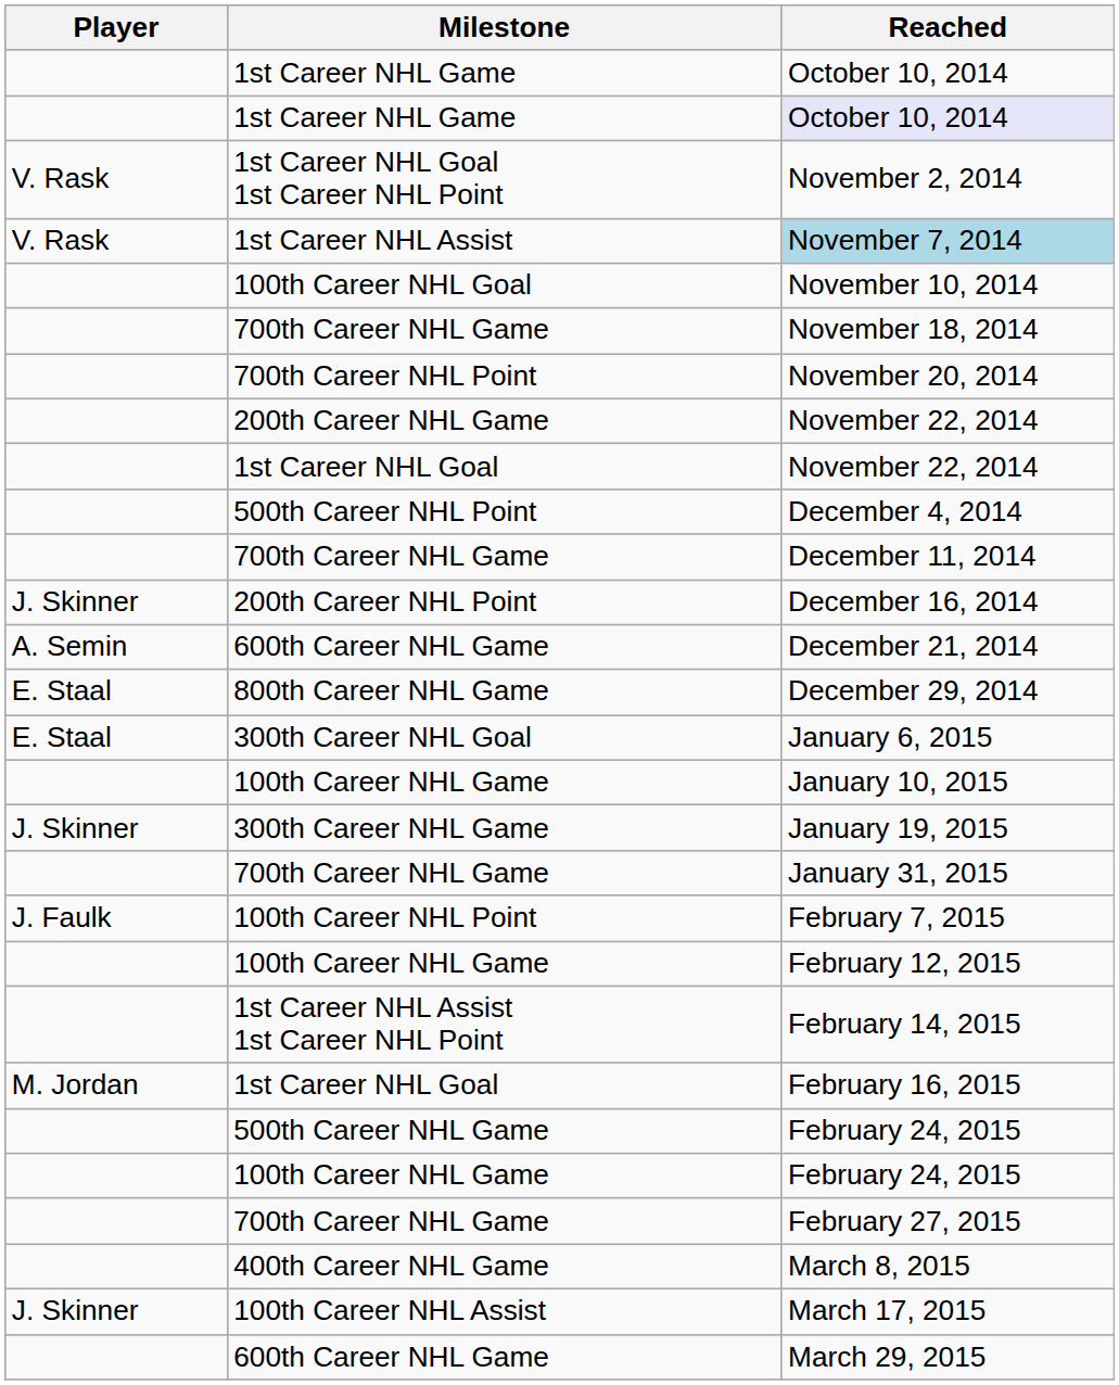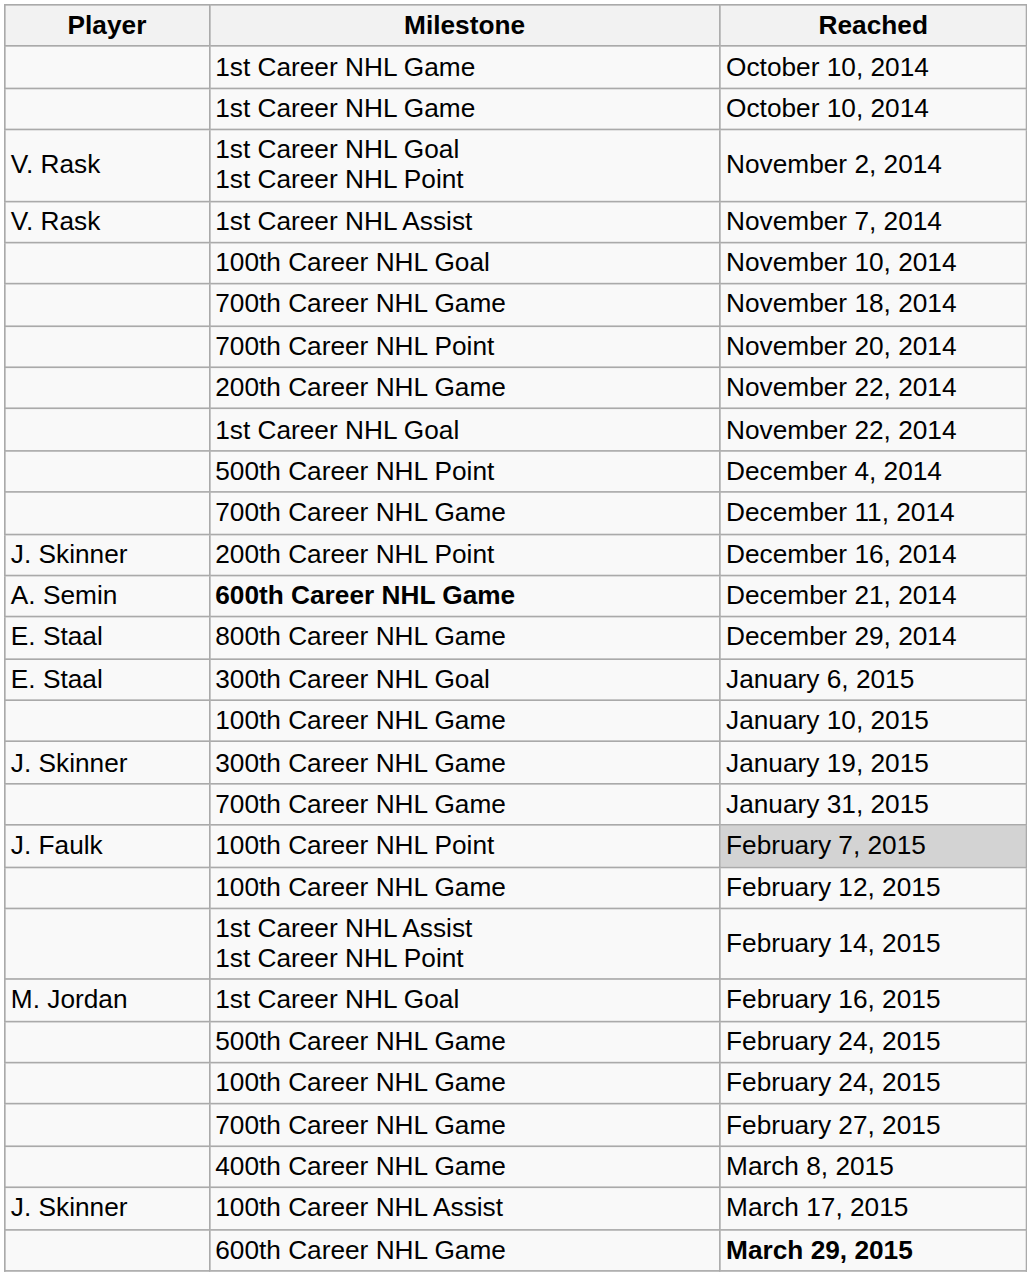 <table class="wikitable sortable" style="width:100%;">
 <tr align=center>
 <th style="width:20%;">Player</th>
 <th style="width:50%;">Milestone</th>
 <th style="width:30%;" data-sort-type="date">Reached</th>
 </tr>
 <tr>
 <td></td>
 <td>1st Career NHL Game</td>
 <td>October 10, 2014</td>
 </tr>
 <tr>
 <td></td>
 <td>1st Career NHL Game</td>
-<td style="background: lavender;">October 10, 2014</td>
+<td>October 10, 2014</td>
 </tr>
 <tr>
 <td>V. Rask</td>
 <td>1st Career NHL Goal<br>1st Career NHL Point</td>
 <td>November 2, 2014</td>
 </tr>
 <tr>
 <td>V. Rask</td>
 <td>1st Career NHL Assist</td>
-<td style="background: lightblue;">November 7, 2014</td>
+<td>November 7, 2014</td>
 </tr>
 <tr>
 <td></td>
 <td>100th Career NHL Goal</td>
 <td>November 10, 2014</td>
 </tr>
 <tr>
 <td></td>
 <td>700th Career NHL Game</td>
 <td>November 18, 2014</td>
 </tr>
 <tr>
 <td></td>
 <td>700th Career NHL Point</td>
 <td>November 20, 2014</td>
 </tr>
 <tr>
 <td></td>
 <td>200th Career NHL Game</td>
 <td>November 22, 2014</td>
 </tr>
 <tr>
 <td></td>
 <td>1st Career NHL Goal</td>
 <td>November 22, 2014</td>
 </tr>
 <tr>
 <td></td>
 <td>500th Career NHL Point</td>
 <td>December 4, 2014</td>
 </tr>
 <tr>
 <td></td>
 <td>700th Career NHL Game</td>
 <td>December 11, 2014</td>
 </tr>
 <tr>
 <td>J. Skinner</td>
 <td>200th Career NHL Point</td>
 <td>December 16, 2014</td>
 </tr>
 <tr>
 <td>A. Semin</td>
-<td>600th Career NHL Game</td>
+<td><strong>600th Career NHL Game</strong></td>
 <td>December 21, 2014</td>
 </tr>
 <tr>
 <td>E. Staal</td>
 <td>800th Career NHL Game</td>
 <td>December 29, 2014</td>
 </tr>
 <tr>
 <td>E. Staal</td>
 <td>300th Career NHL Goal</td>
 <td>January 6, 2015</td>
 </tr>
 <tr>
 <td></td>
 <td>100th Career NHL Game</td>
 <td>January 10, 2015</td>
 </tr>
 <tr>
 <td>J. Skinner</td>
 <td>300th Career NHL Game</td>
 <td>January 19, 2015</td>
 </tr>
 <tr>
 <td></td>
 <td>700th Career NHL Game</td>
 <td>January 31, 2015</td>
 </tr>
 <tr>
 <td>J. Faulk</td>
 <td>100th Career NHL Point</td>
-<td>February 7, 2015</td>
+<td style="background: lightgrey;">February 7, 2015</td>
 </tr>
 <tr>
 <td></td>
 <td>100th Career NHL Game</td>
 <td>February 12, 2015</td>
 </tr>
 <tr>
 <td></td>
 <td>1st Career NHL Assist<br>1st Career NHL Point</td>
 <td>February 14, 2015</td>
 </tr>
 <tr>
 <td>M. Jordan</td>
 <td>1st Career NHL Goal</td>
 <td>February 16, 2015</td>
 </tr>
 <tr>
 <td></td>
 <td>500th Career NHL Game</td>
 <td>February 24, 2015</td>
 </tr>
 <tr>
 <td></td>
 <td>100th Career NHL Game</td>
 <td>February 24, 2015</td>
 </tr>
 <tr>
 <td></td>
 <td>700th Career NHL Game</td>
 <td>February 27, 2015</td>
 </tr>
 <tr>
 <td></td>
 <td>400th Career NHL Game</td>
 <td>March 8, 2015</td>
 </tr>
 <tr>
 <td>J. Skinner</td>
 <td>100th Career NHL Assist</td>
 <td>March 17, 2015</td>
 </tr>
 <tr>
 <td></td>
 <td>600th Career NHL Game</td>
-<td>March 29, 2015</td>
+<td><strong>March 29, 2015</strong></td>
 </tr>
 </table>
